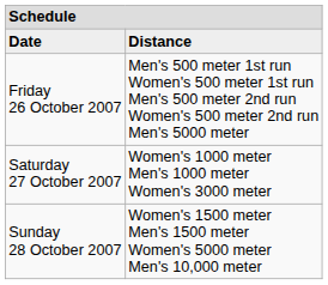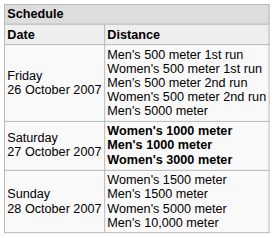 <table class="wikitable">
 <tr align=left bgcolor=#DDDDDD>
 <td colspan=3><strong>Schedule</strong></td>
 </tr>
 <tr align=left bgcolor=#EEEEEE>
 <td><strong>Date</strong></td>
 <td><strong>Distance</strong></td>
 </tr>
 <tr>
 <td>Friday<br>26 October 2007</td>
 <td>Men's 500 meter 1st run<br>Women's 500 meter 1st run<br>Men's 500 meter 2nd run<br>Women's 500 meter 2nd run<br>Men's 5000 meter</td>
 </tr>
 <tr>
 <td>Saturday<br>27 October 2007</td>
-<td>Women's 1000 meter<br>Men's 1000 meter<br>Women's 3000 meter</td>
+<td><strong>Women's 1000 meter<br>Men's 1000 meter<br>Women's 3000 meter</strong></td>
 </tr>
 <tr>
 <td>Sunday<br>28 October 2007</td>
 <td>Women's 1500 meter<br>Men's 1500 meter<br>Women's 5000 meter<br>Men's 10,000 meter</td>
 </tr>
 </table>
